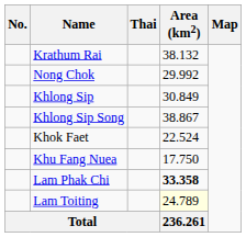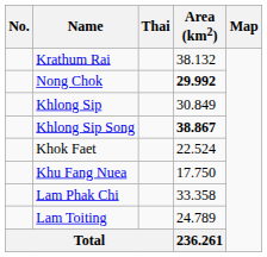 <table class="wikitable sortable">
 <tr>
 <th>No.</th>
 <th>Name</th>
 <th>Thai</th>
 <th>Area<br>(km<sup>2</sup>)</th>
 <th>Map</th>
 </tr>
 <tr>
 <td></td>
 <td><a href='#'>Krathum Rai</a></td>
 <td></td>
 <td><div>38.132</div></td>
 <td rowspan=9></td>
 </tr>
 <tr>
 <td></td>
 <td><a href='#'>Nong Chok</a></td>
 <td></td>
-<td><div>29.992</div></td>
+<td><strong><div>29.992</div></strong></td>
 </tr>
 <tr>
 <td></td>
 <td><a href='#'>Khlong Sip</a></td>
 <td></td>
 <td><div>30.849</div></td>
 </tr>
 <tr>
 <td></td>
 <td><a href='#'>Khlong Sip Song</a></td>
 <td></td>
-<td><div>38.867</div></td>
+<td><strong><div>38.867</div></strong></td>
 </tr>
 <tr>
 <td></td>
 <td>Khok Faet</td>
 <td></td>
 <td><div>22.524</div></td>
 </tr>
 <tr>
 <td></td>
 <td><a href='#'>Khu Fang Nuea</a></td>
 <td></td>
 <td><div>17.750</div></td>
 </tr>
 <tr>
 <td></td>
 <td><a href='#'>Lam Phak Chi</a></td>
 <td></td>
-<td><strong><div>33.358</div></strong></td>
+<td><div>33.358</div></td>
 </tr>
 <tr>
 <td></td>
 <td><a href='#'>Lam Toiting</a></td>
 <td></td>
-<td style="background: lightyellow;"><div>24.789</div></td>
+<td><div>24.789</div></td>
 </tr>
 <tr>
 <th colspan=3>Total</th>
 <th><div>236.261</div></th>
 </tr>
 </table>
